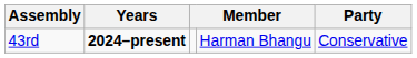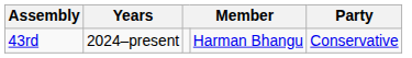 <table class="wikitable">
 <tr>
 <th>Assembly</th>
 <th>Years</th>
 <th colspan="2">Member</th>
 <th>Party</th>
 </tr>
 <tr>
 <td><a href='#'>43rd</a></td>
-<td><strong>2024–present</strong></td>
+<td>2024–present</td>
 <td></td>
 <td><a href='#'>Harman Bhangu</a></td>
 <td><a href='#'>Conservative</a></td>
 </tr>
 </table>
